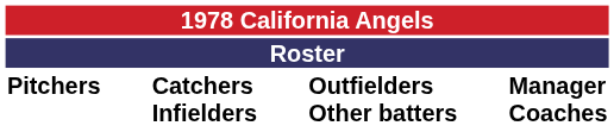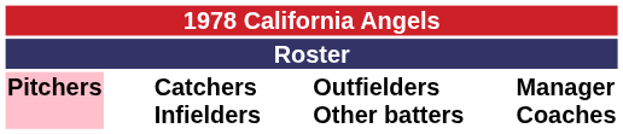 <table class="toccolours" style="font-size: 95%;">
 <tr>
 <th colspan="10" style="background-color: #CE2029; color: white; text-align: center;">1978 California Angels</th>
 </tr>
 <tr>
 <td colspan="10" style="background-color:#333366; color: white; text-align: center;"><strong>Roster</strong></td>
 </tr>
 <tr>
-<td valign="top"><strong>Pitchers</strong><br>            </td>
+<td valign="top" style="background: pink;"><strong>Pitchers</strong><br>            </td>
 <td width="25px"></td>
 <td valign="top"><strong>Catchers</strong><br>   <strong>Infielders</strong>         </td>
 <td width="25px"></td>
 <td valign="top"><strong>Outfielders</strong><br>      <strong>Other batters</strong> </td>
 <td width="25px"></td>
 <td valign="top"><strong>Manager</strong><br>  <strong>Coaches</strong>     </td>
 </tr>
 </table>
